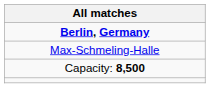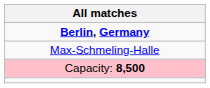 <table class="wikitable" style="text-align:center" width=280>
 <tr>
 <th>All matches</th>
 </tr>
 <tr>
 <td> <strong><a href='#'>Berlin</a>, <a href='#'>Germany</a></strong></td>
 </tr>
 <tr>
 <td><a href='#'>Max-Schmeling-Halle</a></td>
 </tr>
 <tr>
-<td>Capacity: <strong>8,500</strong></td>
+<td style="background: pink;">Capacity: <strong>8,500</strong></td>
 </tr>
 <tr>
 <td></td>
 </tr>
 </table>
